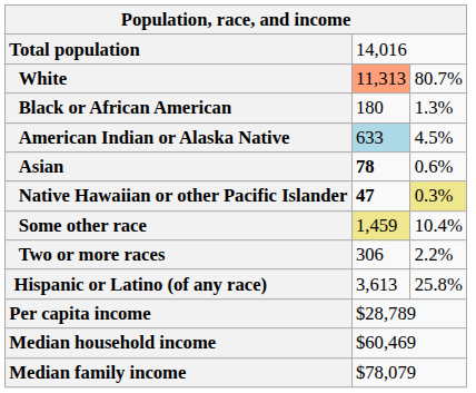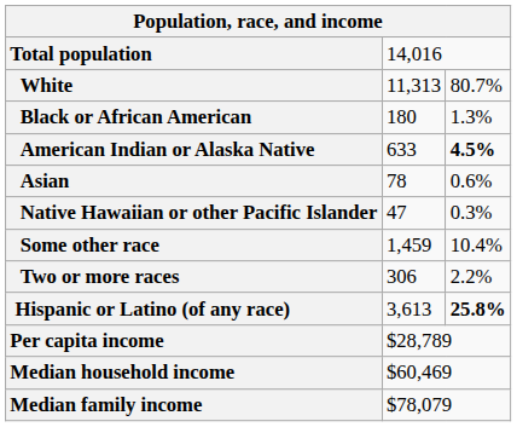 <table class="wikitable collapsible collapsed">
 <tr>
 <th colspan=6>Population, race, and income</th>
 </tr>
 <tr>
 <th scope="row" style="text-align: left;">Total population</th>
 <td colspan=2>14,016</td>
 </tr>
 <tr>
 <th scope="row" style="text-align: left;">  White</th>
-<td style="background: lightsalmon;">11,313</td>
+<td>11,313</td>
 <td>80.7%</td>
 </tr>
 <tr>
 <th scope="row" style="text-align: left;">  Black or African American</th>
 <td>180</td>
 <td>1.3%</td>
 </tr>
 <tr>
 <th scope="row" style="text-align: left;">  American Indian or Alaska Native</th>
-<td style="background: lightblue;">633</td>
-<td>4.5%</td>
+<td>633</td>
+<td><strong>4.5%</strong></td>
 </tr>
 <tr>
 <th scope="row" style="text-align: left;">  Asian</th>
-<td><strong>78</strong></td>
+<td>78</td>
 <td>0.6%</td>
 </tr>
 <tr>
 <th scope="row" style="text-align: left;">  Native Hawaiian or other Pacific Islander</th>
-<td><strong>47</strong></td>
-<td style="background: khaki;">0.3%</td>
+<td>47</td>
+<td>0.3%</td>
 </tr>
 <tr>
 <th scope="row" style="text-align: left;">  Some other race</th>
-<td style="background: khaki;">1,459</td>
+<td>1,459</td>
 <td>10.4%</td>
 </tr>
 <tr>
 <th scope="row" style="text-align: left;">  Two or more races</th>
 <td>306</td>
 <td>2.2%</td>
 </tr>
 <tr>
 <th scope="row" style="text-align: left;"> Hispanic or Latino (of any race)</th>
 <td>3,613</td>
-<td>25.8%</td>
+<td><strong>25.8%</strong></td>
 </tr>
 <tr>
 <th scope="row" style="text-align: left;">Per capita income</th>
 <td colspan=2>$28,789</td>
 </tr>
 <tr>
 <th scope="row" style="text-align: left;">Median household income</th>
 <td colspan=2>$60,469</td>
 </tr>
 <tr>
 <th scope="row" style="text-align: left;">Median family income</th>
 <td colspan=2>$78,079</td>
 </tr>
 </table>
